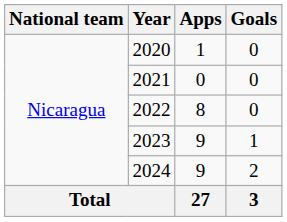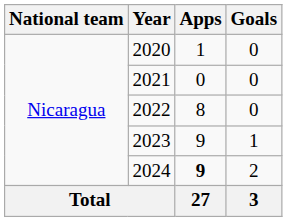 <table class="wikitable" style="text-align:center">
 <tr>
 <th>National team</th>
 <th>Year</th>
 <th>Apps</th>
 <th>Goals</th>
 </tr>
 <tr>
 <td rowspan=5><a href='#'>Nicaragua</a></td>
 <td>2020</td>
 <td>1</td>
 <td>0</td>
 </tr>
 <tr>
 <td>2021</td>
 <td>0</td>
 <td>0</td>
 </tr>
 <tr>
 <td>2022</td>
 <td>8</td>
 <td>0</td>
 </tr>
 <tr>
 <td>2023</td>
 <td>9</td>
 <td>1</td>
 </tr>
 <tr>
 <td>2024</td>
-<td>9</td>
+<td><strong>9</strong></td>
 <td>2</td>
 </tr>
 <tr>
 <th colspan=2>Total</th>
 <th>27</th>
 <th>3</th>
 </tr>
 </table>
